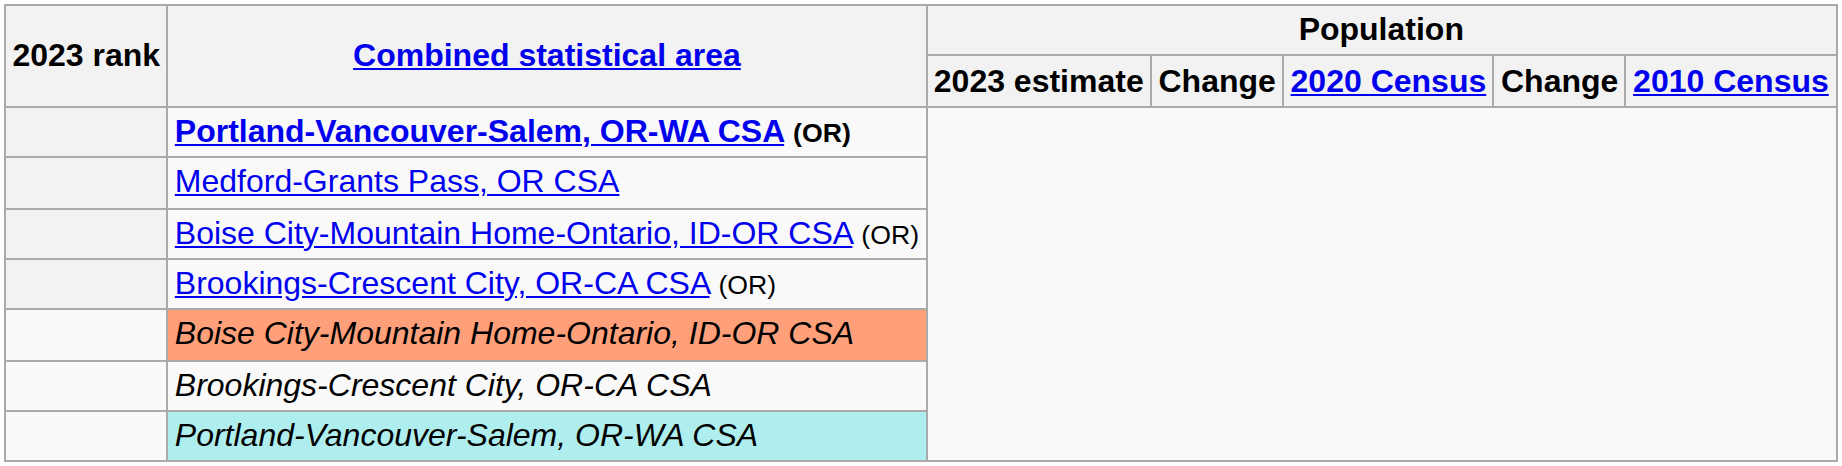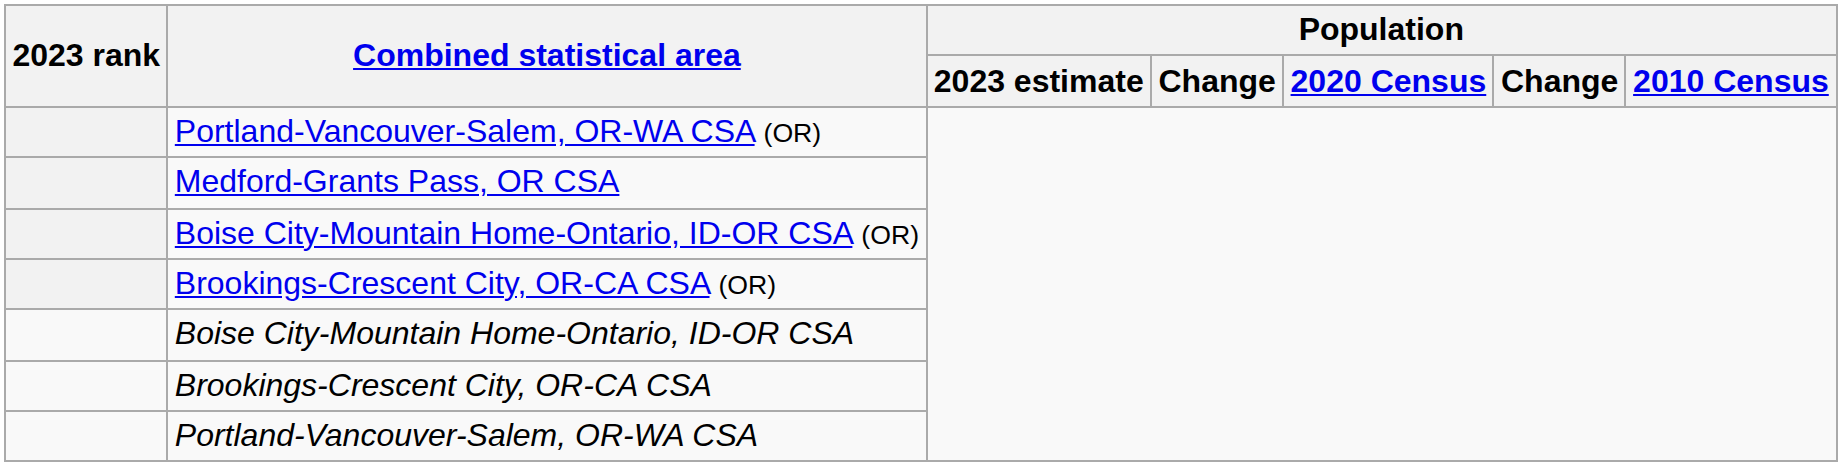 <table class="wikitable sortable">
 <tr>
 <th scope=col rowspan=2>2023 rank</th>
 <th scope=col rowspan=2><a href='#'>Combined statistical area</a></th>
 <th colspan=5>Population</th>
 </tr>
 <tr>
 <th scope=col>2023 estimate</th>
 <th scope=col>Change</th>
 <th scope=col><a href='#'>2020 Census</a></th>
 <th scope=col>Change</th>
 <th scope=col><a href='#'>2010 Census</a></th>
 </tr>
 <tr>
 <th scope=row></th>
-<td><strong><a href='#'>Portland-Vancouver-Salem, OR-WA CSA</a> <small>(OR)</small><br></strong></td>
+<td><a href='#'>Portland-Vancouver-Salem, OR-WA CSA</a> <small>(OR)</small><br></td>
 </tr>
 <tr>
 <th scope=row></th>
 <td><a href='#'>Medford-Grants Pass, OR CSA</a><br></td>
 </tr>
 <tr>
 <th scope=row></th>
 <td><a href='#'>Boise City-Mountain Home-Ontario, ID-OR CSA</a> <small>(OR)</small><br></td>
 </tr>
 <tr>
 <th scope=row></th>
 <td><a href='#'>Brookings-Crescent City, OR-CA CSA</a> <small>(OR)</small><br></td>
 </tr>
 <tr>
 <td></td>
-<td style="background: lightsalmon;"><em><span>Boise City-Mountain Home-Ontario, ID-OR CSA</span></em><br></td>
+<td><em><span>Boise City-Mountain Home-Ontario, ID-OR CSA</span></em><br></td>
 </tr>
 <tr>
 <td></td>
 <td><em><span>Brookings-Crescent City, OR-CA CSA</span></em><br></td>
 </tr>
 <tr>
 <td></td>
-<td style="background: paleturquoise;"><em><span>Portland-Vancouver-Salem, OR-WA CSA</span></em><br></td>
+<td><em><span>Portland-Vancouver-Salem, OR-WA CSA</span></em><br></td>
 </tr>
 </table>
